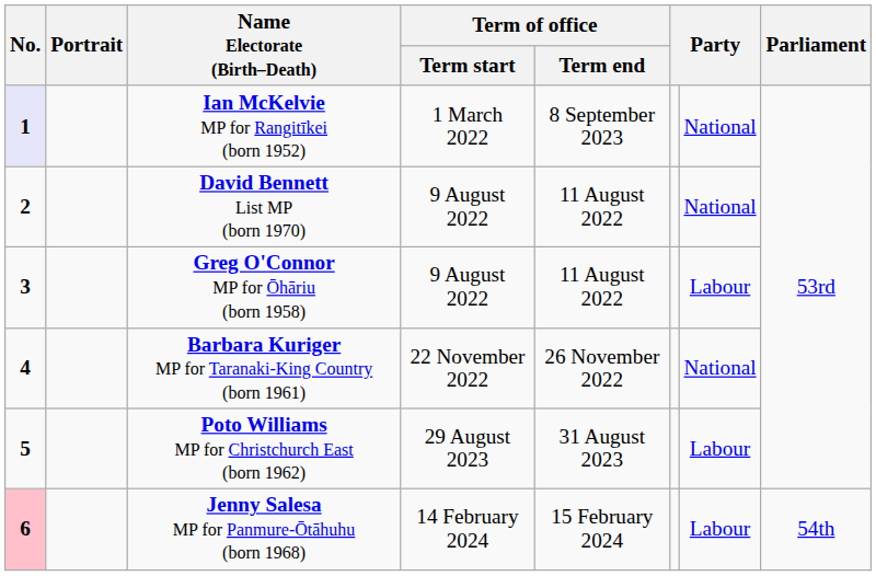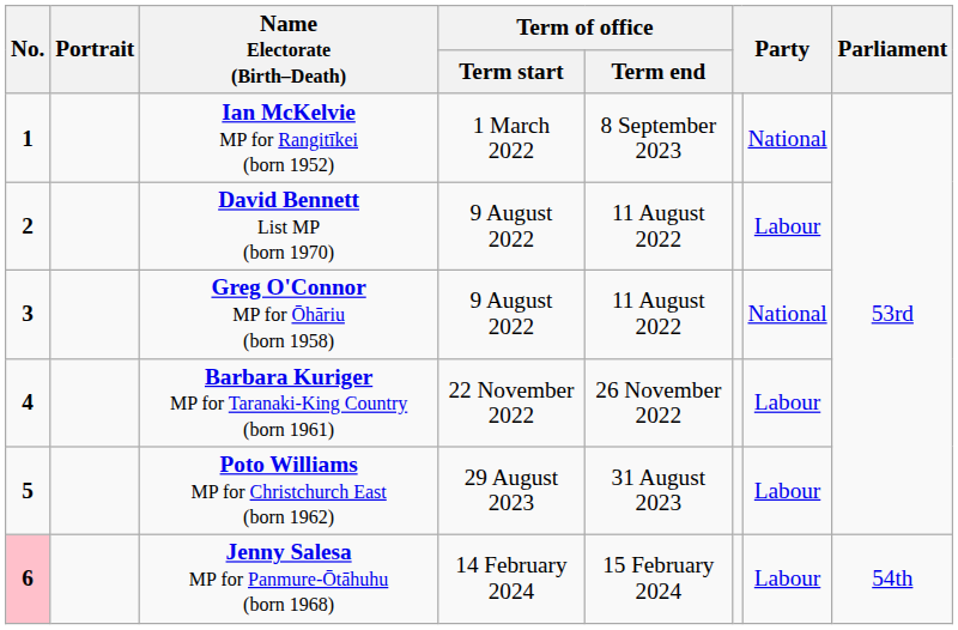 <table class="wikitable" style="text-align:center">
 <tr>
 <th rowspan="2">No.</th>
 <th rowspan="2" scope="col">Portrait</th>
 <th rowspan="2" scope="col" width="200px">Name<br><small>Electorate<br>(Birth–Death)</small></th>
 <th colspan="2" scope="col" width="100px">Term of office</th>
 <th colspan="2" rowspan="2">Party</th>
 <th rowspan="2">Parliament</th>
 </tr>
 <tr>
 <th width="95px">Term start</th>
 <th width="95px">Term end</th>
 </tr>
 <tr>
-<td style="background: lavender;"><strong>1</strong></td>
+<td><strong>1</strong></td>
 <td></td>
 <td><strong><a href='#'>Ian McKelvie</a></strong><br><small>MP for <a href='#'>Rangitīkei</a></small><br><small>(born 1952)</small></td>
 <td>1 March<br>2022</td>
 <td>8 September 2023</td>
 <td style="background:"></td>
 <td><a href='#'>National</a></td>
 <td rowspan="5"><a href='#'>53rd</a></td>
 </tr>
 <tr>
 <td><strong>2</strong></td>
 <td></td>
 <td><a href='#'><strong>David Bennett</strong></a><br><small>List MP</small><br><small>(born 1970)</small></td>
 <td>9 August<br>2022</td>
 <td>11 August<br>2022</td>
 <td style="background:"></td>
-<td><a href='#'>National</a></td>
+<td><a href='#'>Labour</a></td>
 </tr>
 <tr>
 <td><strong>3</strong></td>
 <td></td>
 <td><a href='#'><strong>Greg O'Connor</strong></a><small><br>MP for <a href='#'>Ōhāriu</a></small><br><small>(born 1958)</small></td>
 <td>9 August<br>2022</td>
 <td>11 August<br>2022</td>
 <td style="background:"></td>
-<td><a href='#'>Labour</a></td>
+<td><a href='#'>National</a></td>
 </tr>
 <tr>
 <td><strong>4</strong></td>
 <td></td>
 <td><strong><a href='#'>Barbara Kuriger</a></strong><small><br>MP for <a href='#'>Taranaki-King Country</a></small><br><small>(born 1961)</small></td>
 <td>22 November<br>2022</td>
 <td>26 November<br>2022</td>
 <td style="background:"></td>
-<td><a href='#'>National</a></td>
+<td><a href='#'>Labour</a></td>
 </tr>
 <tr>
 <td><strong>5</strong></td>
 <td></td>
 <td><strong><a href='#'>Poto Williams</a></strong><br><small>MP for <a href='#'>Christchurch East</a></small><br><small>(born 1962)</small></td>
 <td>29 August<br>2023</td>
 <td>31 August<br>2023</td>
 <td style="background:"></td>
 <td><a href='#'>Labour</a></td>
 </tr>
 <tr>
 <td style="background: pink;"><strong>6</strong></td>
 <td></td>
 <td><strong><a href='#'>Jenny Salesa</a></strong><br><small>MP for <a href='#'>Panmure-Ōtāhuhu</a></small><br><small>(born 1968)</small></td>
 <td>14 February 2024</td>
 <td>15 February 2024</td>
 <td style="background:"></td>
 <td><a href='#'>Labour</a></td>
 <td><a href='#'>54th</a></td>
 </tr>
 </table>
